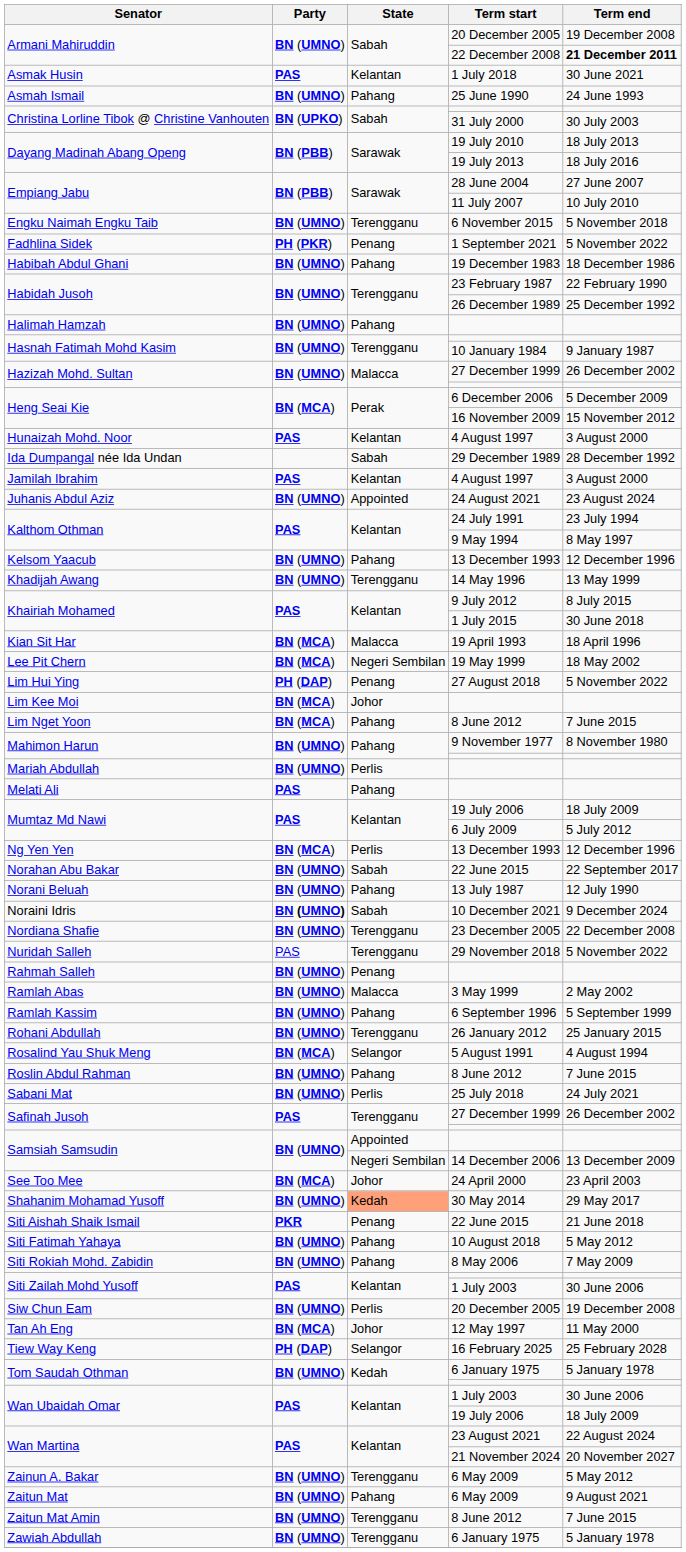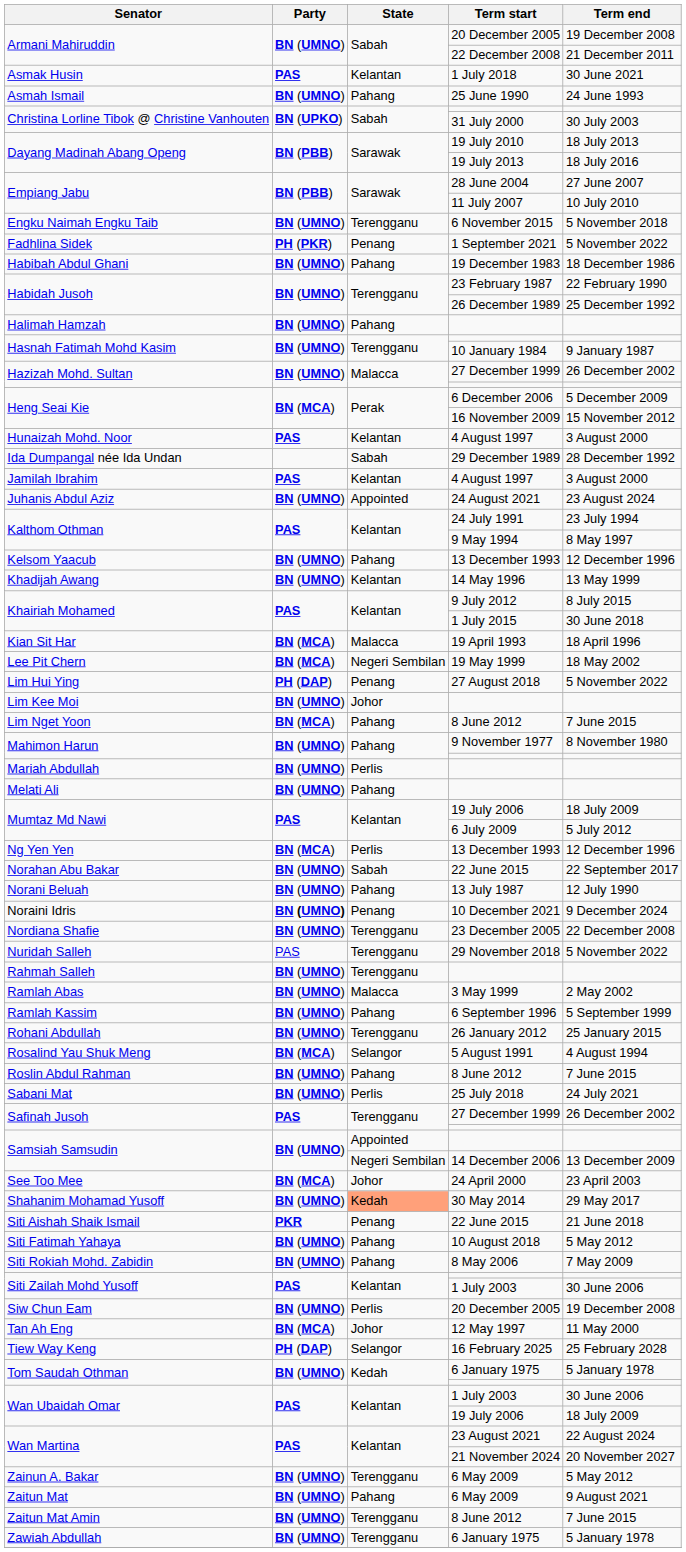 <table class="wikitable sortable">
 <tr>
 <th>Senator</th>
 <th>Party</th>
 <th>State</th>
 <th>Term start</th>
 <th>Term end</th>
 </tr>
 <tr>
 <td rowspan=2><a href='#'>Armani Mahiruddin</a></td>
 <td rowspan=2><strong><a href='#'>BN</a></strong> (<strong><a href='#'>UMNO</a></strong>)</td>
 <td rowspan=2>Sabah</td>
 <td>20 December 2005</td>
 <td>19 December 2008</td>
 </tr>
 <tr>
 <td>22 December 2008</td>
-<td><strong>21 December 2011</strong></td>
+<td>21 December 2011</td>
 </tr>
 <tr>
 <td><a href='#'>Asmak Husin</a></td>
 <td><strong><a href='#'>PAS</a></strong></td>
 <td>Kelantan</td>
 <td>1 July 2018</td>
 <td>30 June 2021</td>
 </tr>
 <tr>
 <td><a href='#'>Asmah Ismail</a></td>
 <td><strong><a href='#'>BN</a></strong> (<strong><a href='#'>UMNO</a></strong>)</td>
 <td>Pahang</td>
 <td>25 June 1990</td>
 <td>24 June 1993</td>
 </tr>
 <tr>
 <td rowspan=2><a href='#'>Christina Lorline Tibok</a> @ <a href='#'>Christine Vanhouten</a></td>
 <td rowspan="2"><strong><a href='#'>BN</a></strong> (<strong><a href='#'>UPKO</a></strong>)</td>
 <td rowspan=2>Sabah</td>
 <td></td>
 <td></td>
 </tr>
 <tr>
 <td>31 July 2000</td>
 <td>30 July 2003</td>
 </tr>
 <tr>
 <td rowspan=2><a href='#'>Dayang Madinah Abang Openg</a></td>
 <td rowspan="2"><strong><a href='#'>BN</a></strong> (<strong><a href='#'>PBB</a></strong>)</td>
 <td rowspan=2>Sarawak</td>
 <td>19 July 2010</td>
 <td>18 July 2013</td>
 </tr>
 <tr>
 <td>19 July 2013</td>
 <td>18 July 2016</td>
 </tr>
 <tr>
 <td rowspan=2><a href='#'>Empiang Jabu</a></td>
 <td rowspan="2"><strong><a href='#'>BN</a></strong> (<strong><a href='#'>PBB</a></strong>)</td>
 <td rowspan=2>Sarawak</td>
 <td>28 June 2004</td>
 <td>27 June 2007</td>
 </tr>
 <tr>
 <td>11 July 2007</td>
 <td>10 July 2010</td>
 </tr>
 <tr>
 <td><a href='#'>Engku Naimah Engku Taib</a></td>
 <td><strong><a href='#'>BN</a></strong> (<strong><a href='#'>UMNO</a></strong>)</td>
 <td>Terengganu</td>
 <td>6 November 2015</td>
 <td>5 November 2018</td>
 </tr>
 <tr>
 <td><a href='#'>Fadhlina Sidek</a></td>
 <td><strong><a href='#'>PH</a></strong> (<strong><a href='#'>PKR</a></strong>)</td>
 <td>Penang</td>
 <td>1 September 2021</td>
 <td>5 November 2022</td>
 </tr>
 <tr>
 <td><a href='#'>Habibah Abdul Ghani</a></td>
 <td><strong><a href='#'>BN</a></strong> (<strong><a href='#'>UMNO</a></strong>)</td>
 <td>Pahang</td>
 <td>19 December 1983</td>
 <td>18 December 1986</td>
 </tr>
 <tr>
 <td rowspan=2><a href='#'>Habidah Jusoh</a></td>
 <td rowspan="2"><strong><a href='#'>BN</a></strong> (<strong><a href='#'>UMNO</a></strong>)</td>
 <td rowspan=2>Terengganu</td>
 <td>23 February 1987</td>
 <td>22 February 1990</td>
 </tr>
 <tr>
 <td>26 December 1989</td>
 <td>25 December 1992</td>
 </tr>
 <tr>
 <td><a href='#'>Halimah Hamzah</a></td>
 <td><strong><a href='#'>BN</a></strong> (<strong><a href='#'>UMNO</a></strong>)</td>
 <td>Pahang</td>
 <td></td>
 <td></td>
 </tr>
 <tr>
 <td rowspan=2><a href='#'>Hasnah Fatimah Mohd Kasim</a></td>
 <td rowspan="2"><strong><a href='#'>BN</a></strong> (<strong><a href='#'>UMNO</a></strong>)</td>
 <td rowspan=2>Terengganu</td>
 <td></td>
 <td></td>
 </tr>
 <tr>
 <td>10 January 1984</td>
 <td>9 January 1987</td>
 </tr>
 <tr>
 <td rowspan=2><a href='#'>Hazizah Mohd. Sultan</a></td>
 <td rowspan="2"><strong><a href='#'>BN</a></strong> (<strong><a href='#'>UMNO</a></strong>)</td>
 <td rowspan=2>Malacca</td>
 <td>27 December 1999</td>
 <td>26 December 2002</td>
 </tr>
 <tr>
 <td></td>
 <td></td>
 </tr>
 <tr>
 <td rowspan=2><a href='#'>Heng Seai Kie</a></td>
 <td rowspan="2"><strong><a href='#'>BN</a></strong> (<strong><a href='#'>MCA</a></strong>)</td>
 <td rowspan=2>Perak</td>
 <td>6 December 2006</td>
 <td>5 December 2009</td>
 </tr>
 <tr>
 <td>16 November 2009</td>
 <td>15 November 2012</td>
 </tr>
 <tr>
 <td><a href='#'>Hunaizah Mohd. Noor</a></td>
 <td><strong><a href='#'>PAS</a></strong></td>
 <td>Kelantan</td>
 <td>4 August 1997</td>
 <td>3 August 2000</td>
 </tr>
 <tr>
 <td><a href='#'>Ida Dumpangal</a> née Ida Undan</td>
 <td></td>
 <td>Sabah</td>
 <td>29 December 1989</td>
 <td>28 December 1992</td>
 </tr>
 <tr>
 <td><a href='#'>Jamilah Ibrahim</a></td>
 <td><strong><a href='#'>PAS</a></strong></td>
 <td>Kelantan</td>
 <td>4 August 1997</td>
 <td>3 August 2000</td>
 </tr>
 <tr>
 <td><a href='#'>Juhanis Abdul Aziz</a></td>
 <td><strong><a href='#'>BN</a></strong> (<strong><a href='#'>UMNO</a></strong>)</td>
 <td>Appointed</td>
 <td>24 August 2021</td>
 <td>23 August 2024</td>
 </tr>
 <tr>
 <td rowspan=2><a href='#'>Kalthom Othman</a></td>
 <td rowspan="2"><strong><a href='#'>PAS</a></strong></td>
 <td rowspan=2>Kelantan</td>
 <td>24 July 1991</td>
 <td>23 July 1994</td>
 </tr>
 <tr>
 <td>9 May 1994</td>
 <td>8 May 1997</td>
 </tr>
 <tr>
 <td><a href='#'>Kelsom Yaacub</a></td>
 <td><strong><a href='#'>BN</a></strong> (<strong><a href='#'>UMNO</a></strong>)</td>
 <td>Pahang</td>
 <td>13 December 1993</td>
 <td>12 December 1996</td>
 </tr>
 <tr>
 <td><a href='#'>Khadijah Awang</a></td>
 <td><strong><a href='#'>BN</a></strong> (<strong><a href='#'>UMNO</a></strong>)</td>
-<td>Terengganu</td>
+<td>Kelantan</td>
 <td>14 May 1996</td>
 <td>13 May 1999</td>
 </tr>
 <tr>
 <td rowspan=2><a href='#'>Khairiah Mohamed</a></td>
 <td rowspan="2"><strong><a href='#'>PAS</a></strong></td>
 <td rowspan=2>Kelantan</td>
 <td>9 July 2012</td>
 <td>8 July 2015</td>
 </tr>
 <tr>
 <td>1 July 2015</td>
 <td>30 June 2018</td>
 </tr>
 <tr>
 <td><a href='#'>Kian Sit Har</a></td>
 <td><strong><a href='#'>BN</a></strong> (<strong><a href='#'>MCA</a></strong>)</td>
 <td>Malacca</td>
 <td>19 April 1993</td>
 <td>18 April 1996</td>
 </tr>
 <tr>
 <td><a href='#'>Lee Pit Chern</a></td>
 <td><strong><a href='#'>BN</a></strong> (<strong><a href='#'>MCA</a></strong>)</td>
 <td>Negeri Sembilan</td>
 <td>19 May 1999</td>
 <td>18 May 2002</td>
 </tr>
 <tr>
 <td><a href='#'>Lim Hui Ying</a></td>
 <td><strong><a href='#'>PH</a></strong> (<strong><a href='#'>DAP</a></strong>)</td>
 <td>Penang</td>
 <td>27 August 2018</td>
 <td>5 November 2022</td>
 </tr>
 <tr>
 <td><a href='#'>Lim Kee Moi</a></td>
-<td><strong><a href='#'>BN</a></strong> (<strong><a href='#'>MCA</a></strong>)</td>
+<td><strong><a href='#'>BN</a></strong> (<strong><a href='#'>UMNO</a></strong>)</td>
 <td>Johor</td>
 <td></td>
 <td></td>
 </tr>
 <tr>
 <td><a href='#'>Lim Nget Yoon</a></td>
 <td><strong><a href='#'>BN</a></strong> (<strong><a href='#'>MCA</a></strong>)</td>
 <td>Pahang</td>
 <td>8 June 2012</td>
 <td>7 June 2015</td>
 </tr>
 <tr>
 <td rowspan=2><a href='#'>Mahimon Harun</a></td>
 <td rowspan="2"><strong><a href='#'>BN</a></strong> (<strong><a href='#'>UMNO</a></strong>)</td>
 <td rowspan=2>Pahang</td>
 <td>9 November 1977</td>
 <td>8 November 1980</td>
 </tr>
 <tr>
 <td></td>
 <td></td>
 </tr>
 <tr>
 <td><a href='#'>Mariah Abdullah</a></td>
 <td><strong><a href='#'>BN</a></strong> (<strong><a href='#'>UMNO</a></strong>)</td>
 <td>Perlis</td>
 <td></td>
 <td></td>
 </tr>
 <tr>
 <td><a href='#'>Melati Ali</a></td>
-<td><strong><a href='#'>PAS</a></strong></td>
+<td><strong><a href='#'>BN</a></strong> (<strong><a href='#'>UMNO</a></strong>)</td>
 <td>Pahang</td>
 <td></td>
 <td></td>
 </tr>
 <tr>
 <td rowspan=2><a href='#'>Mumtaz Md Nawi</a></td>
 <td rowspan="2"><strong><a href='#'>PAS</a></strong></td>
 <td rowspan=2>Kelantan</td>
 <td>19 July 2006</td>
 <td>18 July 2009</td>
 </tr>
 <tr>
 <td>6 July 2009</td>
 <td>5 July 2012</td>
 </tr>
 <tr>
 <td><a href='#'>Ng Yen Yen</a></td>
 <td><strong><a href='#'>BN</a></strong> (<strong><a href='#'>MCA</a></strong>)</td>
 <td>Perlis</td>
 <td>13 December 1993</td>
 <td>12 December 1996</td>
 </tr>
 <tr>
 <td><a href='#'>Norahan Abu Bakar</a></td>
 <td><strong><a href='#'>BN</a></strong> (<strong><a href='#'>UMNO</a></strong>)</td>
 <td>Sabah</td>
 <td>22 June 2015</td>
 <td>22 September 2017</td>
 </tr>
 <tr>
 <td><a href='#'>Norani Beluah</a></td>
 <td><strong><a href='#'>BN</a></strong> (<strong><a href='#'>UMNO</a></strong>)</td>
 <td>Pahang</td>
 <td>13 July 1987</td>
 <td>12 July 1990</td>
 </tr>
 <tr>
 <td>Noraini Idris</td>
 <td><strong><a href='#'>BN</a></strong> <strong>(<a href='#'>UMNO</a>)</strong></td>
-<td>Sabah</td>
+<td>Penang</td>
 <td>10 December 2021</td>
 <td>9 December 2024</td>
 </tr>
 <tr>
 <td><a href='#'>Nordiana Shafie</a></td>
 <td><strong><a href='#'>BN</a></strong> (<strong><a href='#'>UMNO</a></strong>)</td>
 <td>Terengganu</td>
 <td>23 December 2005</td>
 <td>22 December 2008</td>
 </tr>
 <tr>
 <td><a href='#'>Nuridah Salleh</a></td>
 <td><a href='#'>PAS</a></td>
 <td>Terengganu</td>
 <td>29 November 2018</td>
 <td>5 November 2022</td>
 </tr>
 <tr>
 <td><a href='#'>Rahmah Salleh</a></td>
 <td><strong><a href='#'>BN</a></strong> (<strong><a href='#'>UMNO</a></strong>)</td>
-<td>Penang</td>
+<td>Terengganu</td>
 <td></td>
 <td></td>
 </tr>
 <tr>
 <td><a href='#'>Ramlah Abas</a></td>
 <td><strong><a href='#'>BN</a></strong> (<strong><a href='#'>UMNO</a></strong>)</td>
 <td>Malacca</td>
 <td>3 May 1999</td>
 <td>2 May 2002</td>
 </tr>
 <tr>
 <td><a href='#'>Ramlah Kassim</a></td>
 <td><strong><a href='#'>BN</a></strong> (<strong><a href='#'>UMNO</a></strong>)</td>
 <td>Pahang</td>
 <td>6 September 1996</td>
 <td>5 September 1999</td>
 </tr>
 <tr>
 <td><a href='#'>Rohani Abdullah</a></td>
 <td><strong><a href='#'>BN</a></strong> (<strong><a href='#'>UMNO</a></strong>)</td>
 <td>Terengganu</td>
 <td>26 January 2012</td>
 <td>25 January 2015</td>
 </tr>
 <tr>
 <td><a href='#'>Rosalind Yau Shuk Meng</a></td>
 <td><strong><a href='#'>BN</a></strong> (<strong><a href='#'>MCA</a></strong>)</td>
 <td>Selangor</td>
 <td>5 August 1991</td>
 <td>4 August 1994</td>
 </tr>
 <tr>
 <td><a href='#'>Roslin Abdul Rahman</a></td>
 <td><strong><a href='#'>BN</a></strong> (<strong><a href='#'>UMNO</a></strong>)</td>
 <td>Pahang</td>
 <td>8 June 2012</td>
 <td>7 June 2015</td>
 </tr>
 <tr>
 <td><a href='#'>Sabani Mat</a></td>
 <td><strong><a href='#'>BN</a></strong> (<strong><a href='#'>UMNO</a></strong>)</td>
 <td>Perlis</td>
 <td>25 July 2018</td>
 <td>24 July 2021</td>
 </tr>
 <tr>
 <td rowspan=2><a href='#'>Safinah Jusoh</a></td>
 <td rowspan="2"><strong><a href='#'>PAS</a></strong></td>
 <td rowspan=2>Terengganu</td>
 <td>27 December 1999</td>
 <td>26 December 2002</td>
 </tr>
 <tr>
 <td></td>
 <td></td>
 </tr>
 <tr>
 <td rowspan=2><a href='#'>Samsiah Samsudin</a></td>
 <td rowspan="2"><strong><a href='#'>BN</a></strong> (<strong><a href='#'>UMNO</a></strong>)</td>
 <td>Appointed</td>
 <td></td>
 <td></td>
 </tr>
 <tr>
 <td>Negeri Sembilan</td>
 <td>14 December 2006</td>
 <td>13 December 2009</td>
 </tr>
 <tr>
 <td><a href='#'>See Too Mee</a></td>
 <td><strong><a href='#'>BN</a></strong> (<strong><a href='#'>MCA</a></strong>)</td>
 <td>Johor</td>
 <td>24 April 2000</td>
 <td>23 April 2003</td>
 </tr>
 <tr>
 <td><a href='#'>Shahanim Mohamad Yusoff</a></td>
 <td><strong><a href='#'>BN</a></strong> (<strong><a href='#'>UMNO</a></strong>)</td>
 <td style="background: lightsalmon;">Kedah</td>
 <td>30 May 2014</td>
 <td>29 May 2017</td>
 </tr>
 <tr>
 <td><a href='#'>Siti Aishah Shaik Ismail</a></td>
 <td><strong><a href='#'>PKR</a></strong></td>
 <td>Penang</td>
 <td>22 June 2015</td>
 <td>21 June 2018</td>
 </tr>
 <tr>
 <td><a href='#'>Siti Fatimah Yahaya</a></td>
 <td><strong><a href='#'>BN</a></strong> (<strong><a href='#'>UMNO</a></strong>)</td>
 <td>Pahang</td>
 <td>10 August 2018</td>
 <td>5 May 2012</td>
 </tr>
 <tr>
 <td><a href='#'>Siti Rokiah Mohd. Zabidin</a></td>
 <td><strong><a href='#'>BN</a></strong> (<strong><a href='#'>UMNO</a></strong>)</td>
 <td>Pahang</td>
 <td>8 May 2006</td>
 <td>7 May 2009</td>
 </tr>
 <tr>
 <td rowspan=2><a href='#'>Siti Zailah Mohd Yusoff</a></td>
 <td rowspan=2><strong><a href='#'>PAS</a></strong></td>
 <td rowspan=2>Kelantan</td>
 <td></td>
 <td></td>
 </tr>
 <tr>
 <td>1 July 2003</td>
 <td>30 June 2006</td>
 </tr>
 <tr>
 <td><a href='#'>Siw Chun Eam</a></td>
 <td><strong><a href='#'>BN</a></strong> (<strong><a href='#'>UMNO</a></strong>)</td>
 <td>Perlis</td>
 <td>20 December 2005</td>
 <td>19 December 2008</td>
 </tr>
 <tr>
 <td><a href='#'>Tan Ah Eng</a></td>
 <td><strong><a href='#'>BN</a></strong> (<strong><a href='#'>MCA</a></strong>)</td>
 <td>Johor</td>
 <td>12 May 1997</td>
 <td>11 May 2000</td>
 </tr>
 <tr>
 <td><a href='#'>Tiew Way Keng</a></td>
 <td><strong><a href='#'>PH</a></strong> (<strong><a href='#'>DAP</a></strong>)</td>
 <td>Selangor</td>
 <td>16 February 2025</td>
 <td>25 February 2028</td>
 </tr>
 <tr>
 <td rowspan=2><a href='#'>Tom Saudah Othman</a></td>
 <td rowspan="2"><strong><a href='#'>BN</a></strong> (<strong><a href='#'>UMNO</a></strong>)</td>
 <td rowspan=2>Kedah</td>
 <td>6 January 1975</td>
 <td>5 January 1978</td>
 </tr>
 <tr>
 <td></td>
 <td></td>
 </tr>
 <tr>
 <td rowspan=2><a href='#'>Wan Ubaidah Omar</a></td>
 <td rowspan="2"><strong><a href='#'>PAS</a></strong></td>
 <td rowspan=2>Kelantan</td>
 <td>1 July 2003</td>
 <td>30 June 2006</td>
 </tr>
 <tr>
 <td>19 July 2006</td>
 <td>18 July 2009</td>
 </tr>
 <tr>
 <td rowspan=2><a href='#'>Wan Martina</a></td>
 <td rowspan=2><strong><a href='#'>PAS</a></strong></td>
 <td rowspan=2>Kelantan</td>
 <td>23 August 2021</td>
 <td>22 August 2024</td>
 </tr>
 <tr>
 <td>21 November 2024</td>
 <td>20 November 2027</td>
 </tr>
 <tr>
 <td><a href='#'>Zainun A. Bakar</a></td>
 <td><strong><a href='#'>BN</a></strong> (<strong><a href='#'>UMNO</a></strong>)</td>
 <td>Terengganu</td>
 <td>6 May 2009</td>
 <td>5 May 2012</td>
 </tr>
 <tr>
 <td><a href='#'>Zaitun Mat</a></td>
 <td><strong><a href='#'>BN</a></strong> (<strong><a href='#'>UMNO</a></strong>)</td>
 <td>Pahang</td>
 <td>6 May 2009</td>
 <td>9 August 2021</td>
 </tr>
 <tr>
 <td><a href='#'>Zaitun Mat Amin</a></td>
 <td><strong><a href='#'>BN</a></strong> (<strong><a href='#'>UMNO</a></strong>)</td>
 <td>Terengganu</td>
 <td>8 June 2012</td>
 <td>7 June 2015</td>
 </tr>
 <tr>
 <td><a href='#'>Zawiah Abdullah</a></td>
 <td><strong><a href='#'>BN</a></strong> (<strong><a href='#'>UMNO</a></strong>)</td>
 <td>Terengganu</td>
 <td>6 January 1975</td>
 <td>5 January 1978</td>
 </tr>
 <tr>
 </tr>
 </table>
